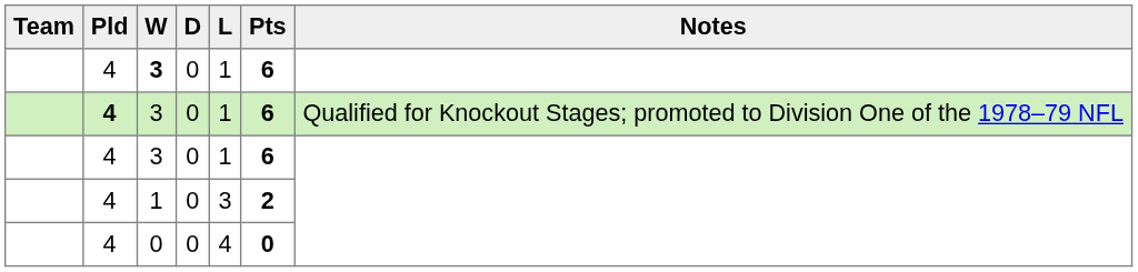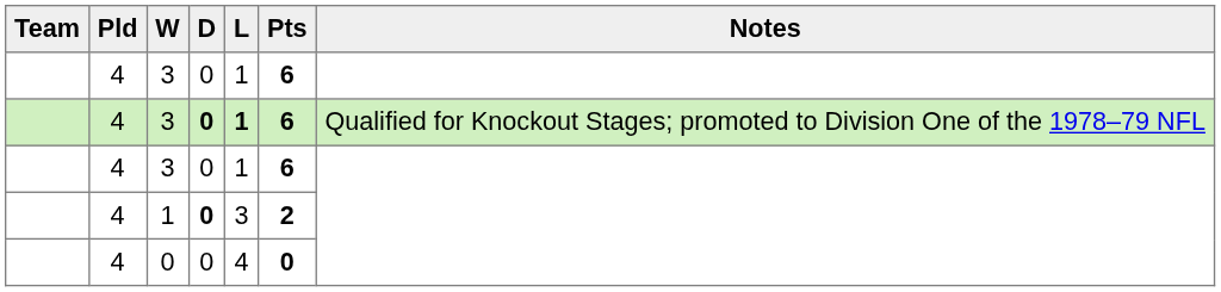 <table style=border-collapse:collapse border=1 cellspacing=0 cellpadding=5>
 <tr align=center bgcolor=#efefef>
 <th>Team</th>
 <th>Pld</th>
 <th>W</th>
 <th>D</th>
 <th>L</th>
 <th>Pts</th>
 <th>Notes</th>
 </tr>
 <tr align=center style="background:#FFFFFF;">
 <td style="text-align:left;"> </td>
 <td>4</td>
-<td><strong>3</strong></td>
+<td>3</td>
 <td>0</td>
 <td>1</td>
 <td><strong>6</strong></td>
 <td rowspan=1></td>
 </tr>
 <tr align=center style="background:#D0F0C0;">
 <td style="text-align:left;"> </td>
-<td><strong>4</strong></td>
+<td>4</td>
 <td>3</td>
-<td>0</td>
-<td>1</td>
+<td><strong>0</strong></td>
+<td><strong>1</strong></td>
 <td><strong>6</strong></td>
 <td rowspan=1>Qualified for Knockout Stages; promoted to Division One of the <a href='#'>1978–79 NFL</a></td>
 </tr>
 <tr align=center style="background:#FFFFFF;">
 <td style="text-align:left;"> </td>
 <td>4</td>
 <td>3</td>
 <td>0</td>
 <td>1</td>
 <td><strong>6</strong></td>
 <td rowspan=4></td>
 </tr>
 <tr align=center style="background:#FFFFFF;">
 <td style="text-align:left;"> </td>
 <td>4</td>
 <td>1</td>
-<td>0</td>
+<td><strong>0</strong></td>
 <td>3</td>
 <td><strong>2</strong></td>
 </tr>
 <tr align=center style="background:#FFFFFF;">
 <td style="text-align:left;"> </td>
 <td>4</td>
 <td>0</td>
 <td>0</td>
 <td>4</td>
 <td><strong>0</strong></td>
 </tr>
 </table>
